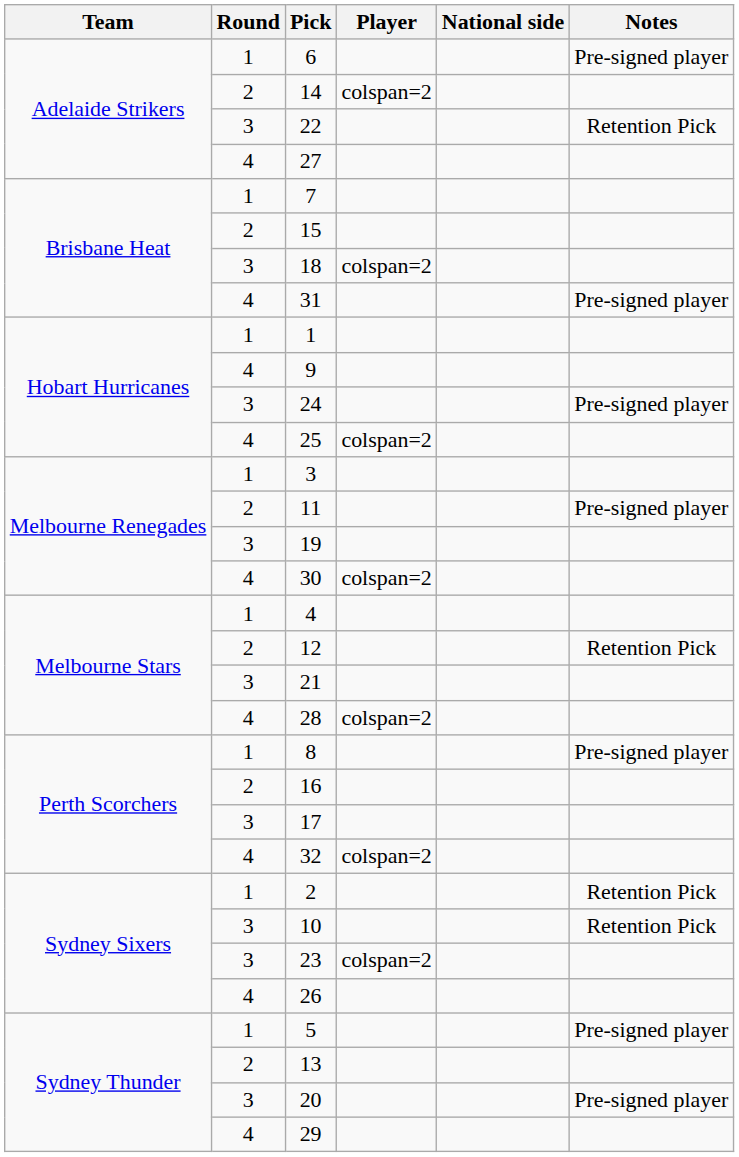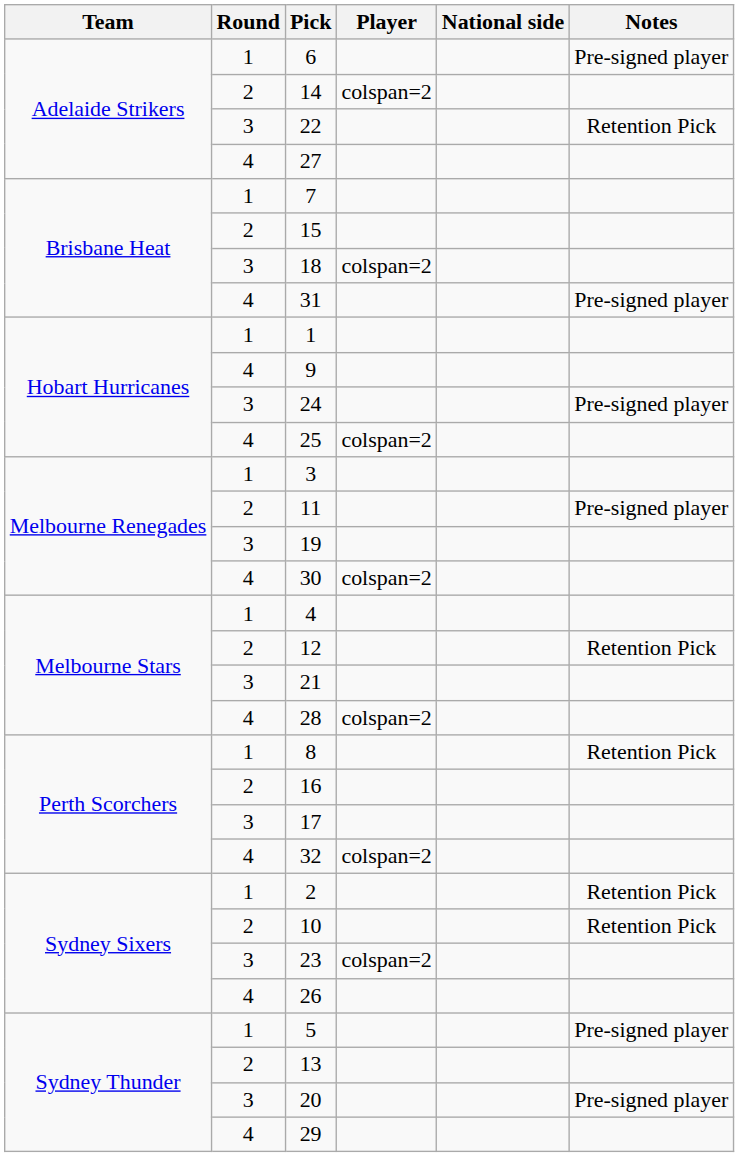 <table class="wikitable sortable plainrowheaders" style="text-align:center;">
 <tr>
 <th>Team</th>
 <th>Round</th>
 <th>Pick</th>
 <th>Player</th>
 <th>National side</th>
 <th>Notes</th>
 </tr>
 <tr>
 <td rowspan="4"> <a href='#'>Adelaide Strikers</a></td>
 <td>1</td>
 <td>6</td>
 <td></td>
 <td></td>
 <td>Pre-signed player</td>
 </tr>
 <tr>
 <td>2</td>
 <td>14</td>
 <td>colspan=2</td>
 <td></td>
 </tr>
 <tr>
 <td>3</td>
 <td>22</td>
 <td></td>
 <td></td>
 <td>Retention Pick</td>
 </tr>
 <tr>
 <td>4</td>
 <td>27</td>
 <td></td>
 <td></td>
 <td></td>
 </tr>
 <tr>
 <td rowspan="4"> <a href='#'>Brisbane Heat</a></td>
 <td>1</td>
 <td>7</td>
 <td></td>
 <td></td>
 <td></td>
 </tr>
 <tr>
 <td>2</td>
 <td>15</td>
 <td></td>
 <td></td>
 <td></td>
 </tr>
 <tr>
 <td>3</td>
 <td>18</td>
 <td>colspan=2</td>
 <td></td>
 </tr>
 <tr>
 <td>4</td>
 <td>31</td>
 <td></td>
 <td></td>
 <td>Pre-signed player</td>
 </tr>
 <tr>
 <td rowspan="4"> <a href='#'>Hobart Hurricanes</a></td>
 <td>1</td>
 <td>1</td>
 <td></td>
 <td></td>
 <td></td>
 </tr>
 <tr>
 <td>4</td>
 <td>9</td>
 <td></td>
 <td></td>
 <td></td>
 </tr>
 <tr>
 <td>3</td>
 <td>24</td>
 <td></td>
 <td></td>
 <td>Pre-signed player</td>
 </tr>
 <tr>
 <td>4</td>
 <td>25</td>
 <td>colspan=2</td>
 <td></td>
 </tr>
 <tr>
 <td rowspan="4"> <a href='#'>Melbourne Renegades</a></td>
 <td>1</td>
 <td>3</td>
 <td></td>
 <td></td>
 <td></td>
 </tr>
 <tr>
 <td>2</td>
 <td>11</td>
 <td></td>
 <td></td>
 <td>Pre-signed player</td>
 </tr>
 <tr>
 <td>3</td>
 <td>19</td>
 <td></td>
 <td></td>
 <td></td>
 </tr>
 <tr>
 <td>4</td>
 <td>30</td>
 <td>colspan=2</td>
 <td></td>
 </tr>
 <tr>
 <td rowspan="4"> <a href='#'>Melbourne Stars</a></td>
 <td>1</td>
 <td>4</td>
 <td></td>
 <td></td>
 <td></td>
 </tr>
 <tr>
 <td>2</td>
 <td>12</td>
 <td></td>
 <td></td>
 <td>Retention Pick</td>
 </tr>
 <tr>
 <td>3</td>
 <td>21</td>
 <td></td>
 <td></td>
 <td></td>
 </tr>
 <tr>
 <td>4</td>
 <td>28</td>
 <td>colspan=2</td>
 <td></td>
 </tr>
 <tr>
 <td rowspan="4"> <a href='#'>Perth Scorchers</a></td>
 <td>1</td>
 <td>8</td>
 <td></td>
 <td></td>
-<td>Pre-signed player</td>
+<td>Retention Pick</td>
 </tr>
 <tr>
 <td>2</td>
 <td>16</td>
 <td></td>
 <td></td>
 <td></td>
 </tr>
 <tr>
 <td>3</td>
 <td>17</td>
 <td></td>
 <td></td>
 <td></td>
 </tr>
 <tr>
 <td>4</td>
 <td>32</td>
 <td>colspan=2</td>
 <td></td>
 </tr>
 <tr>
 <td rowspan="4"> <a href='#'>Sydney Sixers</a></td>
 <td>1</td>
 <td>2</td>
 <td></td>
 <td></td>
 <td>Retention Pick</td>
 </tr>
 <tr>
-<td>3</td>
+<td>2</td>
 <td>10</td>
 <td></td>
 <td></td>
 <td>Retention Pick</td>
 </tr>
 <tr>
 <td>3</td>
 <td>23</td>
 <td>colspan=2</td>
 <td></td>
 </tr>
 <tr>
 <td>4</td>
 <td>26</td>
 <td></td>
 <td></td>
 <td></td>
 </tr>
 <tr>
 <td rowspan="4"> <a href='#'>Sydney Thunder</a></td>
 <td>1</td>
 <td>5</td>
 <td></td>
 <td></td>
 <td>Pre-signed player</td>
 </tr>
 <tr>
 <td>2</td>
 <td>13</td>
 <td></td>
 <td></td>
 <td></td>
 </tr>
 <tr>
 <td>3</td>
 <td>20</td>
 <td></td>
 <td></td>
 <td>Pre-signed player</td>
 </tr>
 <tr>
 <td>4</td>
 <td>29</td>
 <td></td>
 <td></td>
 <td></td>
 </tr>
 </table>
